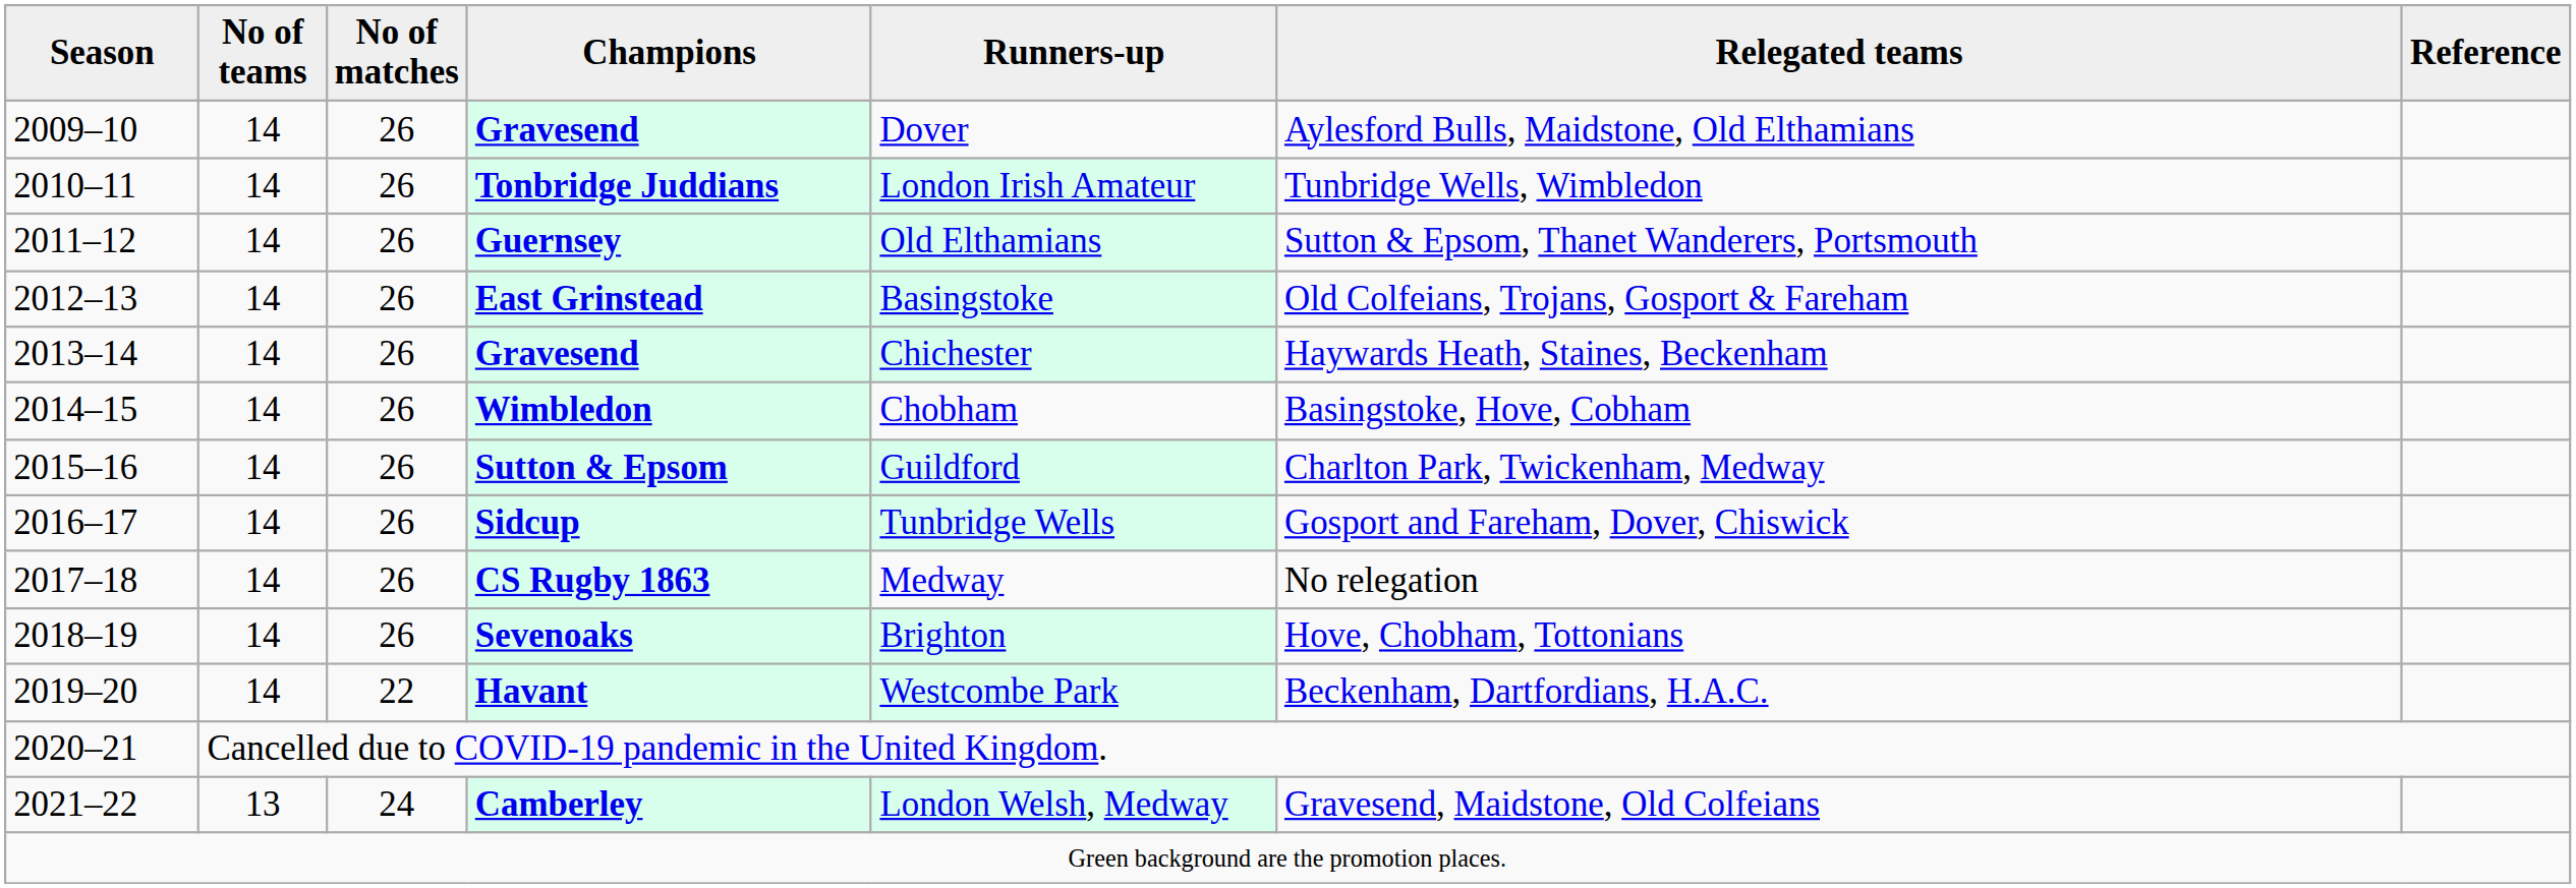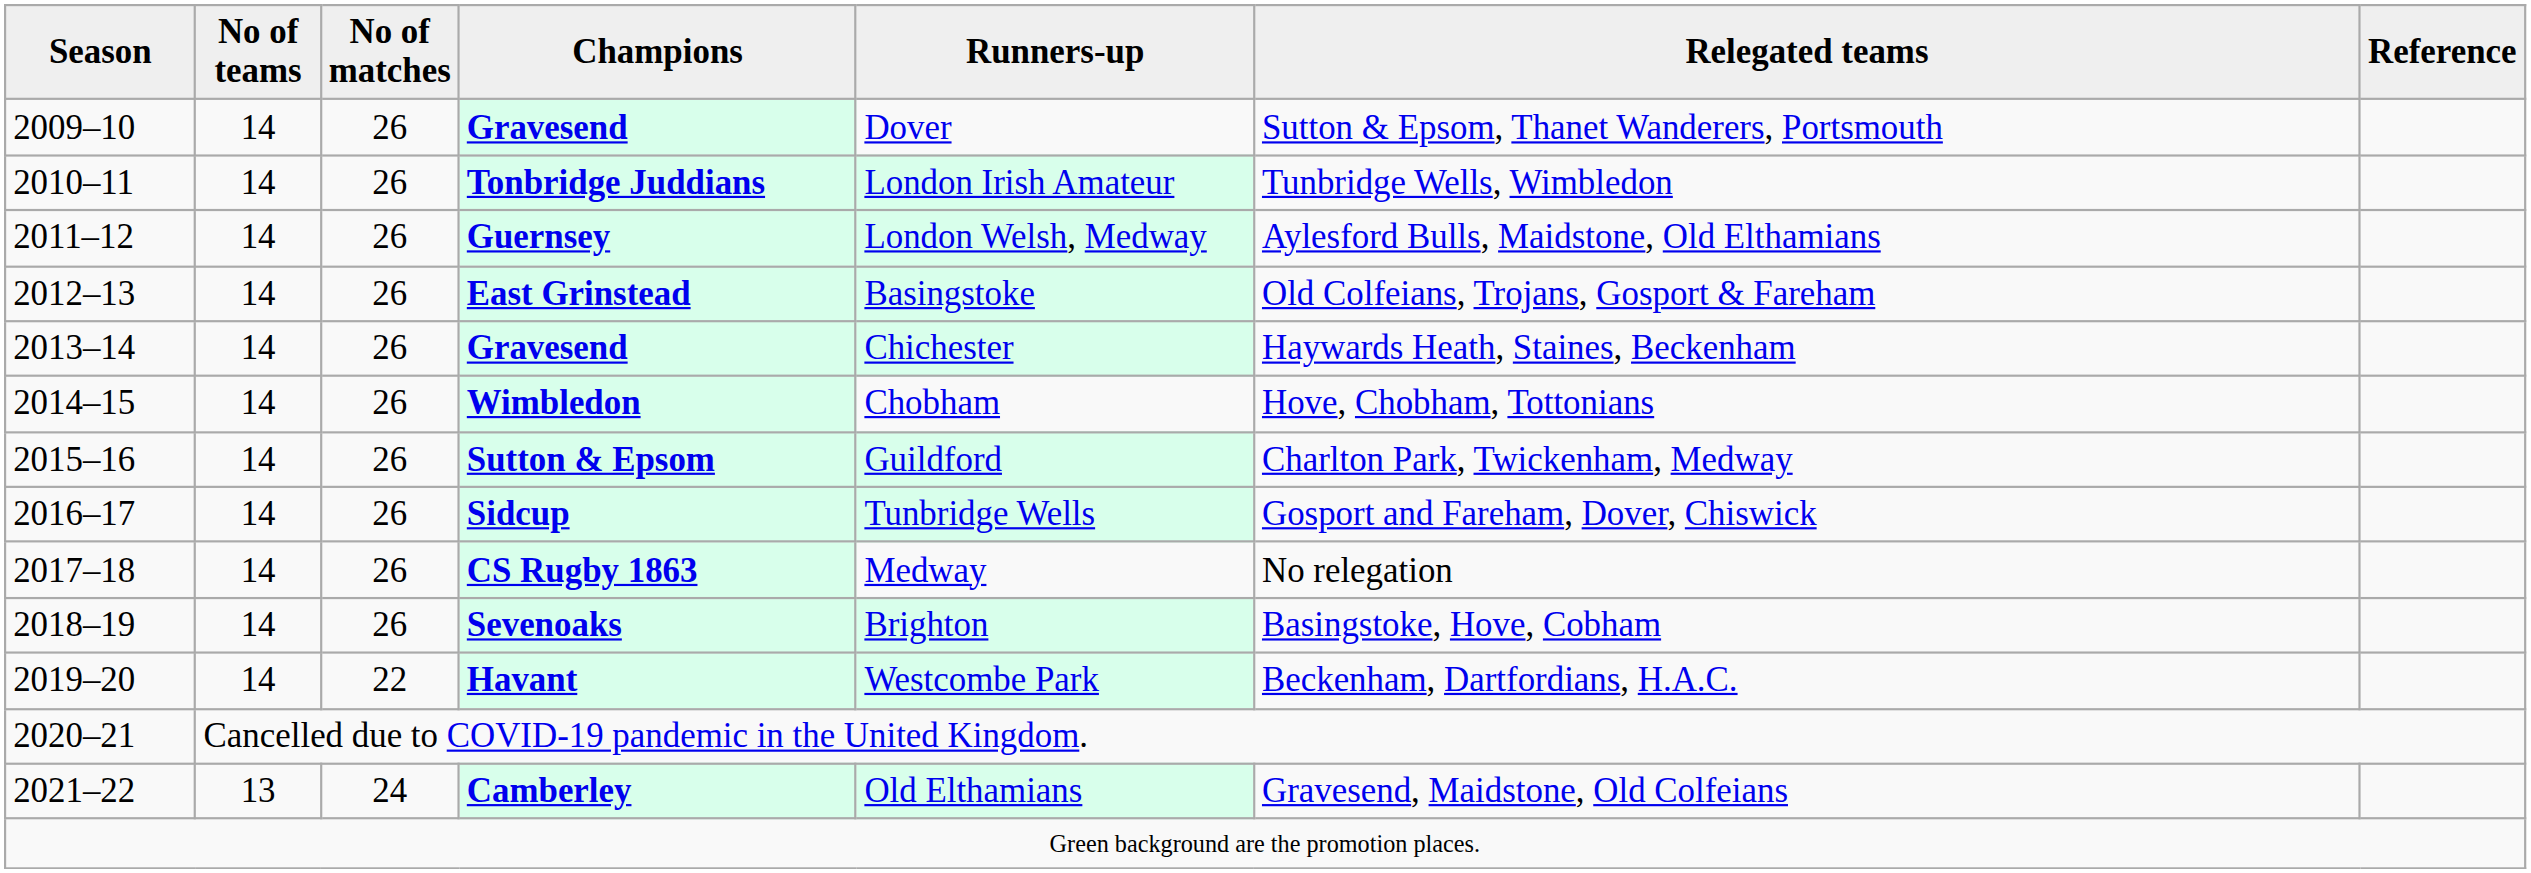 <table class="wikitable">
 <tr>
 <th style="background:#efefef; width:80px;">Season</th>
 <th style="background:#efefef; width:50px;">No of teams</th>
 <th style="background:#efefef; width:50px;">No of matches</th>
 <th style="background:#efefef; width:175px;">Champions</th>
 <th style="background:#efefef; width:175px;">Runners-up</th>
 <th style="background:#efefef; width:500px;">Relegated teams</th>
 <th style="background:#efefef; width:50px;">Reference</th>
 </tr>
 <tr align=left>
 <td>2009–10</td>
 <td style="text-align: center;">14</td>
 <td style="text-align: center;">26</td>
 <td style="background:#d8ffeb;"><strong><a href='#'>Gravesend</a></strong></td>
 <td><a href='#'>Dover</a></td>
-<td><a href='#'>Aylesford Bulls</a>, <a href='#'>Maidstone</a>, <a href='#'>Old Elthamians</a></td>
+<td><a href='#'>Sutton & Epsom</a>, <a href='#'>Thanet Wanderers</a>, <a href='#'>Portsmouth</a></td>
 <td></td>
 </tr>
 <tr>
 <td>2010–11</td>
 <td style="text-align: center;">14</td>
 <td style="text-align: center;">26</td>
 <td style="background:#d8ffeb;"><strong><a href='#'>Tonbridge Juddians</a></strong></td>
 <td style="background:#d8ffeb;"><a href='#'>London Irish Amateur</a></td>
 <td><a href='#'>Tunbridge Wells</a>, <a href='#'>Wimbledon</a></td>
 <td></td>
 </tr>
 <tr>
 <td>2011–12</td>
 <td style="text-align: center;">14</td>
 <td style="text-align: center;">26</td>
 <td style="background:#d8ffeb;"><strong><a href='#'>Guernsey</a></strong></td>
-<td style="background:#d8ffeb;"><a href='#'>Old Elthamians</a></td>
-<td><a href='#'>Sutton & Epsom</a>, <a href='#'>Thanet Wanderers</a>, <a href='#'>Portsmouth</a></td>
+<td style="background:#d8ffeb;"><a href='#'>London Welsh</a>, <a href='#'>Medway</a></td>
+<td><a href='#'>Aylesford Bulls</a>, <a href='#'>Maidstone</a>, <a href='#'>Old Elthamians</a></td>
 <td></td>
 </tr>
 <tr>
 <td>2012–13</td>
 <td style="text-align: center;">14</td>
 <td style="text-align: center;">26</td>
 <td style="background:#d8ffeb;"><strong><a href='#'>East Grinstead</a></strong></td>
 <td style="background:#d8ffeb;"><a href='#'>Basingstoke</a></td>
 <td><a href='#'>Old Colfeians</a>, <a href='#'>Trojans</a>, <a href='#'>Gosport & Fareham</a></td>
 <td></td>
 </tr>
 <tr>
 <td>2013–14</td>
 <td style="text-align: center;">14</td>
 <td style="text-align: center;">26</td>
 <td style="background:#d8ffeb;"><strong><a href='#'>Gravesend</a></strong></td>
 <td style="background:#d8ffeb;"><a href='#'>Chichester</a></td>
 <td><a href='#'>Haywards Heath</a>, <a href='#'>Staines</a>, <a href='#'>Beckenham</a></td>
 <td></td>
 </tr>
 <tr>
 <td>2014–15</td>
 <td style="text-align: center;">14</td>
 <td style="text-align: center;">26</td>
 <td style="background:#d8ffeb;"><strong><a href='#'>Wimbledon</a></strong></td>
 <td><a href='#'>Chobham</a></td>
-<td><a href='#'>Basingstoke</a>, <a href='#'>Hove</a>, <a href='#'>Cobham</a></td>
+<td><a href='#'>Hove</a>, <a href='#'>Chobham</a>, <a href='#'>Tottonians</a></td>
 <td></td>
 </tr>
 <tr>
 <td>2015–16</td>
 <td style="text-align: center;">14</td>
 <td style="text-align: center;">26</td>
 <td style="background:#d8ffeb;"><strong><a href='#'>Sutton & Epsom</a></strong></td>
 <td style="background:#d8ffeb;"><a href='#'>Guildford</a></td>
 <td><a href='#'>Charlton Park</a>, <a href='#'>Twickenham</a>, <a href='#'>Medway</a></td>
 <td></td>
 </tr>
 <tr>
 <td>2016–17</td>
 <td style="text-align: center;">14</td>
 <td style="text-align: center;">26</td>
 <td style="background:#d8ffeb;"><strong><a href='#'>Sidcup</a></strong></td>
 <td style="background:#d8ffeb;"><a href='#'>Tunbridge Wells</a></td>
 <td><a href='#'>Gosport and Fareham</a>, <a href='#'>Dover</a>, <a href='#'>Chiswick</a></td>
 <td></td>
 </tr>
 <tr>
 <td>2017–18</td>
 <td style="text-align: center;">14</td>
 <td style="text-align: center;">26</td>
 <td style="background:#d8ffeb;"><strong><a href='#'>CS Rugby 1863</a></strong></td>
 <td><a href='#'>Medway</a></td>
 <td>No relegation</td>
 <td></td>
 </tr>
 <tr>
 <td>2018–19</td>
 <td style="text-align: center;">14</td>
 <td style="text-align: center;">26</td>
 <td style="background:#d8ffeb;"><strong><a href='#'>Sevenoaks</a></strong></td>
 <td style="background:#d8ffeb;"><a href='#'>Brighton</a></td>
-<td><a href='#'>Hove</a>, <a href='#'>Chobham</a>, <a href='#'>Tottonians</a></td>
+<td><a href='#'>Basingstoke</a>, <a href='#'>Hove</a>, <a href='#'>Cobham</a></td>
 <td></td>
 </tr>
 <tr>
 <td>2019–20</td>
 <td style="text-align: center;">14</td>
 <td style="text-align: center;">22</td>
 <td style="background:#d8ffeb;"><strong><a href='#'>Havant</a></strong></td>
 <td style="background:#d8ffeb;"><a href='#'>Westcombe Park</a></td>
 <td><a href='#'>Beckenham</a>, <a href='#'>Dartfordians</a>, <a href='#'>H.A.C.</a></td>
 <td></td>
 </tr>
 <tr>
 <td>2020–21</td>
 <td colspan=6>Cancelled due to <a href='#'>COVID-19 pandemic in the United Kingdom</a>.</td>
 </tr>
 <tr>
 <td>2021–22</td>
 <td style="text-align: center;">13</td>
 <td style="text-align: center;">24</td>
 <td style="background:#d8ffeb;"><strong><a href='#'>Camberley</a></strong></td>
-<td style="background:#d8ffeb;"><a href='#'>London Welsh</a>, <a href='#'>Medway</a></td>
+<td style="background:#d8ffeb;"><a href='#'>Old Elthamians</a></td>
 <td><a href='#'>Gravesend</a>, <a href='#'>Maidstone</a>, <a href='#'>Old Colfeians</a></td>
 <td></td>
 </tr>
 <tr>
 <td colspan="15"  style="border:0; font-size:smaller; text-align:center;"><small><span>Green background</span> are the promotion places.</small></td>
 </tr>
 </table>
